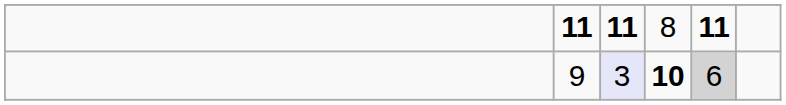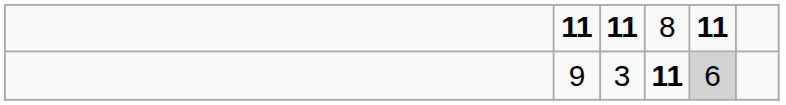 <table class="wikitable">
 <tr>
 <td style="width:18em"></td>
 <td align=center style="width:1em"><strong>11</strong></td>
 <td align=center style="width:1em"><strong>11</strong></td>
 <td align=center style="width:1em">8</td>
 <td align=center style="width:1em"><strong>11</strong></td>
 <td align=center style="width:1em"></td>
 </tr>
 <tr>
 <td style="width:18em"></td>
 <td align=center style="width:1em">9</td>
-<td align=center style="background: lavender; width:1em">3</td>
-<td align=center style="width:1em"><strong>10</strong></td>
+<td align=center style="width:1em">3</td>
+<td align=center style="width:1em"><strong>11</strong></td>
 <td align=center style="background: lightgrey; width:1em">6</td>
 <td align=center style="width:1em"></td>
 </tr>
 </table>
